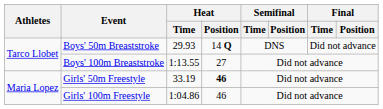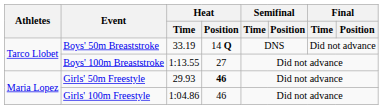 <table class="wikitable" border="1" style="font-size:90%">
 <tr>
 <th rowspan=2>Athletes</th>
 <th rowspan=2>Event</th>
 <th colspan=2>Heat</th>
 <th colspan=2>Semifinal</th>
 <th colspan=2>Final</th>
 </tr>
 <tr>
 <th>Time</th>
 <th>Position</th>
 <th>Time</th>
 <th>Position</th>
 <th>Time</th>
 <th>Position</th>
 </tr>
 <tr>
 <td rowspan=2><a href='#'>Tarco Llobet</a></td>
 <td><a href='#'>Boys' 50m Breaststroke</a></td>
-<td align=center>29.93</td>
+<td align=center>33.19</td>
 <td align=center>14 <strong>Q</strong></td>
 <td colspan="2" align=center>DNS</td>
 <td colspan="2" align=center>Did not advance</td>
 </tr>
 <tr>
 <td><a href='#'>Boys' 100m Breaststroke</a></td>
 <td align=center>1:13.55</td>
 <td align=center>27</td>
 <td colspan="4" align=center>Did not advance</td>
 </tr>
 <tr>
 <td rowspan=2><a href='#'>Maria Lopez</a></td>
 <td><a href='#'>Girls' 50m Freestyle</a></td>
-<td align=center>33.19</td>
+<td align=center>29.93</td>
 <td align=center><strong>46</strong></td>
 <td colspan="4" align=center>Did not advance</td>
 </tr>
 <tr>
 <td><a href='#'>Girls' 100m Freestyle</a></td>
 <td align=center>1:04.86</td>
 <td align=center>46</td>
 <td colspan="4" align=center>Did not advance</td>
 </tr>
 </table>
